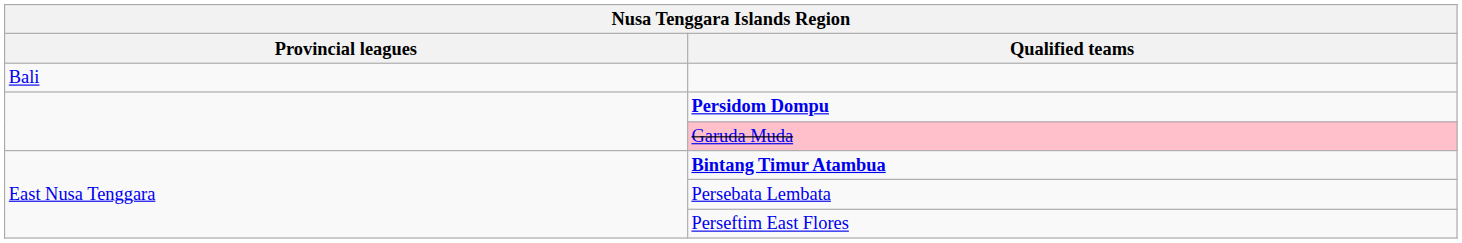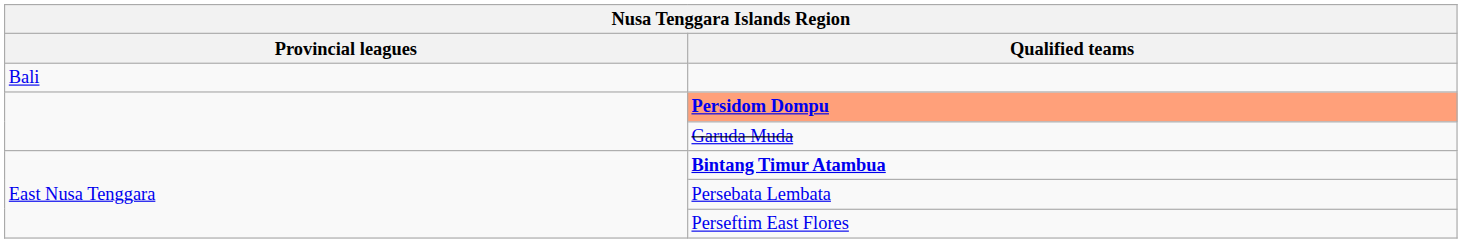 <table class="wikitable sortable" style="width:100%;">
 <tr>
 <th colspan="2"><strong>Nusa Tenggara Islands Region</strong></th>
 </tr>
 <tr>
 <th style="width:47%;">Provincial leagues</th>
 <th style="width:53%;">Qualified teams</th>
 </tr>
 <tr>
 <td> <a href='#'>Bali</a></td>
 <td></td>
 </tr>
 <tr>
 <td rowspan="2"></td>
-<td><strong><a href='#'>Persidom Dompu</a></strong></td>
+<td style="background: lightsalmon;"><strong><a href='#'>Persidom Dompu</a></strong></td>
 </tr>
 <tr>
-<td style="background: pink;"><s><a href='#'>Garuda Muda</a></s></td>
+<td><s><a href='#'>Garuda Muda</a></s></td>
 </tr>
 <tr>
 <td rowspan="3"> <a href='#'>East Nusa Tenggara</a></td>
 <td><strong><a href='#'>Bintang Timur Atambua</a></strong></td>
 </tr>
 <tr>
 <td><a href='#'>Persebata Lembata</a></td>
 </tr>
 <tr>
 <td><a href='#'>Perseftim East Flores</a></td>
 </tr>
 </table>
